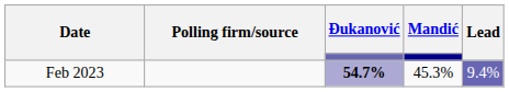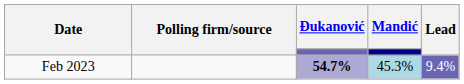 <table class="wikitable" style="text-align:center; font-size:84%; line-height:16px;">
 <tr style="height:42px;">
 <th style="width:115px;" rowspan="2">Date</th>
 <th style="width:150px;" rowspan="2">Polling firm/source</th>
 <th style="width:45px;"><a href='#'>Đukanović</a></th>
 <th style="width:45px;"><a href='#'>Mandić</a></th>
 <th style="width:25px;" rowspan="2">Lead</th>
 </tr>
 <tr>
 <th style="color:inherit;background:#6866b2;"></th>
 <th style="color:inherit;background:#00008B;"></th>
 </tr>
 <tr>
 <td>Feb 2023</td>
 <td></td>
 <td style="background:#acaad4;"><strong>54.7%</strong></td>
-<td>45.3%</td>
+<td style="background: lightblue;">45.3%</td>
 <td style="background:#6866b2; color:white;">9.4%</td>
 </tr>
 </table>
